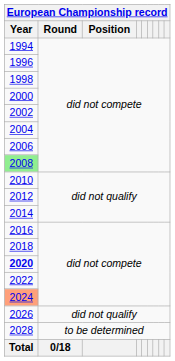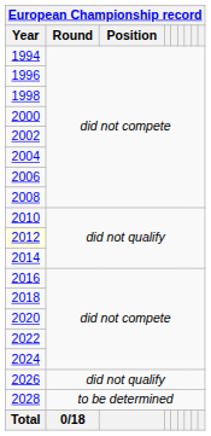 <table class="wikitable" style="text-align: center;">
 <tr>
 <th colspan=9><a href='#'>European Championship record</a></th>
 </tr>
 <tr>
 <th>Year</th>
 <th>Round</th>
 <th>Position</th>
 <th></th>
 <th></th>
 <th></th>
 <th></th>
 <th></th>
 <th></th>
 </tr>
 <tr>
 <td> <a href='#'>1994</a></td>
 <td colspan="8" rowspan="8"><em>did not compete</em></td>
 </tr>
 <tr>
 <td> <a href='#'>1996</a></td>
 </tr>
 <tr>
 <td> <a href='#'>1998</a></td>
 </tr>
 <tr>
 <td> <a href='#'>2000</a></td>
 </tr>
 <tr>
 <td> <a href='#'>2002</a></td>
 </tr>
 <tr>
 <td> <a href='#'>2004</a></td>
 </tr>
 <tr>
 <td> <a href='#'>2006</a></td>
 </tr>
 <tr>
-<td style="background: lightgreen;"> <a href='#'>2008</a></td>
+<td> <a href='#'>2008</a></td>
 </tr>
 <tr>
 <td> <a href='#'>2010</a></td>
 <td colspan="8" rowspan="3"><em>did not qualify</em></td>
 </tr>
 <tr>
-<td> <a href='#'>2012</a></td>
+<td style="background: lightyellow;"> <a href='#'>2012</a></td>
 </tr>
 <tr>
 <td> <a href='#'>2014</a></td>
 </tr>
 <tr>
 <td> <a href='#'>2016</a></td>
 <td colspan="8" rowspan="5"><em>did not compete</em></td>
 </tr>
 <tr>
 <td> <a href='#'>2018</a></td>
 </tr>
 <tr>
-<td><strong> <a href='#'>2020</a></strong></td>
+<td> <a href='#'>2020</a></td>
 </tr>
 <tr>
 <td> <a href='#'>2022</a></td>
 </tr>
 <tr>
-<td style="background: lightsalmon;"> <a href='#'>2024</a></td>
+<td> <a href='#'>2024</a></td>
 </tr>
 <tr>
 <td> <a href='#'>2026</a></td>
 <td colspan="8"><em>did not qualify</em></td>
 </tr>
 <tr>
 <td> <a href='#'>2028</a></td>
 <td colspan="8"><em>to be determined</em></td>
 </tr>
 <tr>
 <th>Total</th>
 <th>0/18</th>
 <th></th>
 <th></th>
 <th></th>
 <th></th>
 <th></th>
 <th></th>
 <th></th>
 </tr>
 </table>
